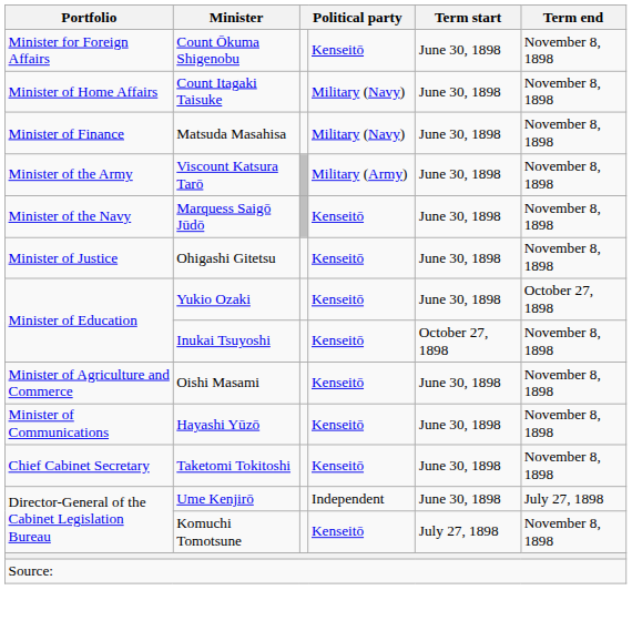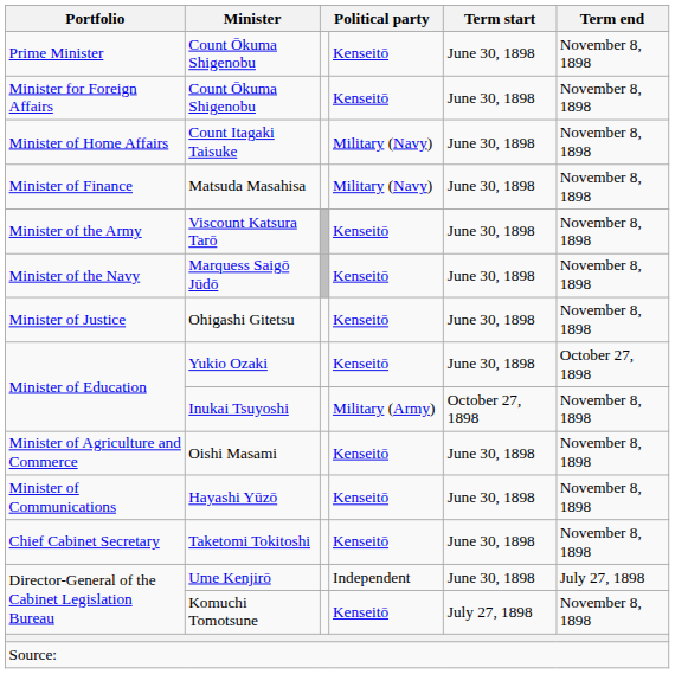 <table class="wikitable" style="font-size: 90%;">
 <tr>
 <th scope="col" width="20%">Portfolio</th>
 <th scope="col" width="15%">Minister</th>
 <th colspan="2" scope="col" width="13.5%">Political party</th>
 <th scope="col" width="12.5%">Term start</th>
 <th scope="col" width="12.5%">Term end</th>
+</tr>
+<tr>
+<td style="text-align: left;"><a href='#'>Prime Minister</a></td>
+<td><a href='#'>Count Ōkuma Shigenobu</a></td>
+<td style="color:inherit;background:"></td>
+<td><a href='#'>Kenseitō</a></td>
+<td>June 30, 1898</td>
+<td>November 8, 1898</td>
 </tr>
 <tr>
 <td><a href='#'>Minister for Foreign Affairs</a></td>
 <td><a href='#'>Count Ōkuma Shigenobu</a></td>
 <td style="color:inherit;background:"></td>
 <td><a href='#'>Kenseitō</a></td>
 <td>June 30, 1898</td>
 <td>November 8, 1898</td>
 </tr>
 <tr>
 <td><a href='#'>Minister of Home Affairs</a></td>
 <td><a href='#'>Count Itagaki Taisuke</a></td>
 <td style="color:inherit;background:"></td>
 <td><a href='#'>Military</a> (<a href='#'>Navy</a>)</td>
 <td>June 30, 1898</td>
 <td>November 8, 1898</td>
 </tr>
 <tr>
 <td><a href='#'>Minister of Finance</a></td>
 <td>Matsuda Masahisa</td>
 <td style="color:inherit;background:"></td>
 <td><a href='#'>Military</a> (<a href='#'>Navy</a>)</td>
 <td>June 30, 1898</td>
 <td>November 8, 1898</td>
 </tr>
 <tr>
 <td><a href='#'>Minister of the Army</a></td>
 <td><a href='#'>Viscount Katsura Tarō</a></td>
 <td style="color:inherit;background:#bfbfbf"></td>
-<td><a href='#'>Military</a> (<a href='#'>Army</a>)</td>
+<td><a href='#'>Kenseitō</a></td>
 <td>June 30, 1898</td>
 <td>November 8, 1898</td>
 </tr>
 <tr>
 <td><a href='#'>Minister of the Navy</a></td>
 <td><a href='#'>Marquess Saigō Jūdō</a></td>
 <td style="color:inherit;background:#bfbfbf"></td>
 <td><a href='#'>Kenseitō</a></td>
 <td>June 30, 1898</td>
 <td>November 8, 1898</td>
 </tr>
 <tr>
 <td><a href='#'>Minister of Justice</a></td>
 <td>Ohigashi Gitetsu</td>
 <td style="color:inherit;background:"></td>
 <td><a href='#'>Kenseitō</a></td>
 <td>June 30, 1898</td>
 <td>November 8, 1898</td>
 </tr>
 <tr>
 <td rowspan="2"><a href='#'>Minister of Education</a></td>
 <td><a href='#'>Yukio Ozaki</a></td>
 <td style="color:inherit;background:"></td>
 <td><a href='#'>Kenseitō</a></td>
 <td>June 30, 1898</td>
 <td>October 27, 1898</td>
 </tr>
 <tr>
 <td><a href='#'>Inukai Tsuyoshi</a></td>
 <td style="color:inherit;background:"></td>
-<td><a href='#'>Kenseitō</a></td>
+<td><a href='#'>Military</a> (<a href='#'>Army</a>)</td>
 <td>October 27, 1898</td>
 <td>November 8, 1898</td>
 </tr>
 <tr>
 <td><a href='#'>Minister of Agriculture and Commerce</a></td>
 <td>Oishi Masami</td>
 <td style="color:inherit;background:"></td>
 <td><a href='#'>Kenseitō</a></td>
 <td>June 30, 1898</td>
 <td>November 8, 1898</td>
 </tr>
 <tr>
 <td><a href='#'>Minister of Communications</a></td>
 <td><a href='#'>Hayashi Yūzō</a></td>
 <td style="color:inherit;background:"></td>
 <td><a href='#'>Kenseitō</a></td>
 <td>June 30, 1898</td>
 <td>November 8, 1898</td>
 </tr>
 <tr>
 <td><a href='#'>Chief Cabinet Secretary</a></td>
 <td><a href='#'>Taketomi Tokitoshi</a></td>
 <td style="color:inherit;background:"></td>
 <td><a href='#'>Kenseitō</a></td>
 <td>June 30, 1898</td>
 <td>November 8, 1898</td>
 </tr>
 <tr>
 <td rowspan="2">Director-General of the <a href='#'>Cabinet Legislation Bureau</a></td>
 <td><a href='#'>Ume Kenjirō</a></td>
 <td style="color:inherit;background:"></td>
 <td>Independent</td>
 <td>June 30, 1898</td>
 <td>July 27, 1898</td>
 </tr>
 <tr>
 <td>Komuchi Tomotsune</td>
 <td style="color:inherit;background:"></td>
 <td><a href='#'>Kenseitō</a></td>
 <td>July 27, 1898</td>
 <td>November 8, 1898</td>
 </tr>
 <tr>
 <th colspan="6"></th>
 </tr>
 <tr>
 <td colspan="6">Source:</td>
 </tr>
 </table>
